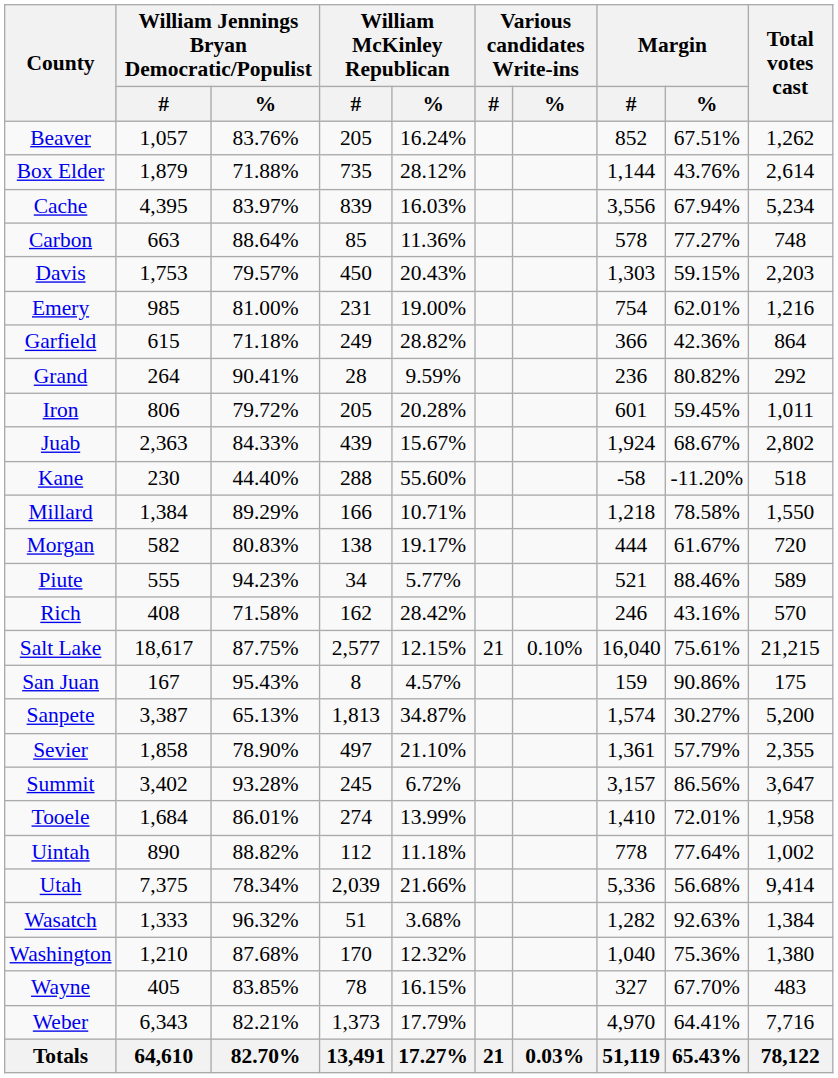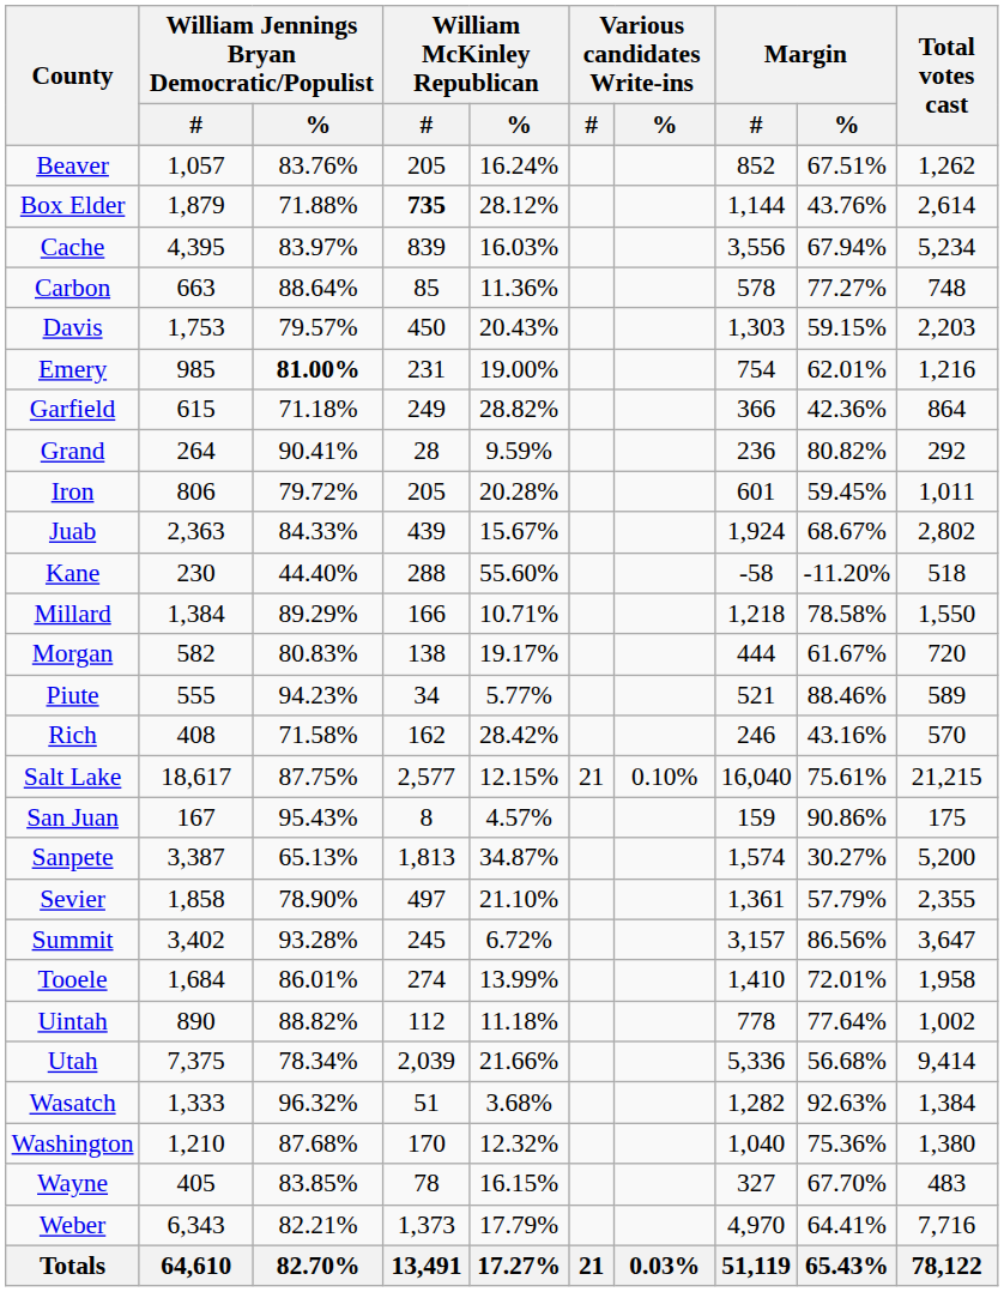 <table width="70%" class="wikitable sortable">
 <tr>
 <th rowspan="2">County</th>
 <th colspan="2">William Jennings Bryan<br>Democratic/Populist</th>
 <th colspan="2">William McKinley<br>Republican</th>
 <th colspan="2">Various candidates<br>Write-ins</th>
 <th colspan="2">Margin</th>
 <th rowspan="2">Total votes cast</th>
 </tr>
 <tr bgcolor="lightgrey">
 <th style="text-align:center;" data-sort-type="number">#</th>
 <th style="text-align:center;" data-sort-type="number">%</th>
 <th style="text-align:center;" data-sort-type="number">#</th>
 <th style="text-align:center;" data-sort-type="number">%</th>
 <th style="text-align:center;" data-sort-type="number">#</th>
 <th style="text-align:center;" data-sort-type="number">%</th>
 <th style="text-align:center;" data-sort-type="number">#</th>
 <th style="text-align:center;" data-sort-type="number">%</th>
 </tr>
 <tr style="text-align:center;">
 <td><a href='#'>Beaver</a></td>
 <td>1,057</td>
 <td>83.76%</td>
 <td>205</td>
 <td>16.24%</td>
 <td></td>
 <td></td>
 <td>852</td>
 <td>67.51%</td>
 <td>1,262</td>
 </tr>
 <tr style="text-align:center;">
 <td><a href='#'>Box Elder</a></td>
 <td>1,879</td>
 <td>71.88%</td>
-<td>735</td>
+<td><strong>735</strong></td>
 <td>28.12%</td>
 <td></td>
 <td></td>
 <td>1,144</td>
 <td>43.76%</td>
 <td>2,614</td>
 </tr>
 <tr style="text-align:center;">
 <td><a href='#'>Cache</a></td>
 <td>4,395</td>
 <td>83.97%</td>
 <td>839</td>
 <td>16.03%</td>
 <td></td>
 <td></td>
 <td>3,556</td>
 <td>67.94%</td>
 <td>5,234</td>
 </tr>
 <tr style="text-align:center;">
 <td><a href='#'>Carbon</a></td>
 <td>663</td>
 <td>88.64%</td>
 <td>85</td>
 <td>11.36%</td>
 <td></td>
 <td></td>
 <td>578</td>
 <td>77.27%</td>
 <td>748</td>
 </tr>
 <tr style="text-align:center;">
 <td><a href='#'>Davis</a></td>
 <td>1,753</td>
 <td>79.57%</td>
 <td>450</td>
 <td>20.43%</td>
 <td></td>
 <td></td>
 <td>1,303</td>
 <td>59.15%</td>
 <td>2,203</td>
 </tr>
 <tr style="text-align:center;">
 <td><a href='#'>Emery</a></td>
 <td>985</td>
-<td>81.00%</td>
+<td><strong>81.00%</strong></td>
 <td>231</td>
 <td>19.00%</td>
 <td></td>
 <td></td>
 <td>754</td>
 <td>62.01%</td>
 <td>1,216</td>
 </tr>
 <tr style="text-align:center;">
 <td><a href='#'>Garfield</a></td>
 <td>615</td>
 <td>71.18%</td>
 <td>249</td>
 <td>28.82%</td>
 <td></td>
 <td></td>
 <td>366</td>
 <td>42.36%</td>
 <td>864</td>
 </tr>
 <tr style="text-align:center;">
 <td><a href='#'>Grand</a></td>
 <td>264</td>
 <td>90.41%</td>
 <td>28</td>
 <td>9.59%</td>
 <td></td>
 <td></td>
 <td>236</td>
 <td>80.82%</td>
 <td>292</td>
 </tr>
 <tr style="text-align:center;">
 <td><a href='#'>Iron</a></td>
 <td>806</td>
 <td>79.72%</td>
 <td>205</td>
 <td>20.28%</td>
 <td></td>
 <td></td>
 <td>601</td>
 <td>59.45%</td>
 <td>1,011</td>
 </tr>
 <tr style="text-align:center;">
 <td><a href='#'>Juab</a></td>
 <td>2,363</td>
 <td>84.33%</td>
 <td>439</td>
 <td>15.67%</td>
 <td></td>
 <td></td>
 <td>1,924</td>
 <td>68.67%</td>
 <td>2,802</td>
 </tr>
 <tr style="text-align:center;">
 <td><a href='#'>Kane</a></td>
 <td>230</td>
 <td>44.40%</td>
 <td>288</td>
 <td>55.60%</td>
 <td></td>
 <td></td>
 <td>-58</td>
 <td>-11.20%</td>
 <td>518</td>
 </tr>
 <tr style="text-align:center;">
 <td><a href='#'>Millard</a></td>
 <td>1,384</td>
 <td>89.29%</td>
 <td>166</td>
 <td>10.71%</td>
 <td></td>
 <td></td>
 <td>1,218</td>
 <td>78.58%</td>
 <td>1,550</td>
 </tr>
 <tr style="text-align:center;">
 <td><a href='#'>Morgan</a></td>
 <td>582</td>
 <td>80.83%</td>
 <td>138</td>
 <td>19.17%</td>
 <td></td>
 <td></td>
 <td>444</td>
 <td>61.67%</td>
 <td>720</td>
 </tr>
 <tr style="text-align:center;">
 <td><a href='#'>Piute</a></td>
 <td>555</td>
 <td>94.23%</td>
 <td>34</td>
 <td>5.77%</td>
 <td></td>
 <td></td>
 <td>521</td>
 <td>88.46%</td>
 <td>589</td>
 </tr>
 <tr style="text-align:center;">
 <td><a href='#'>Rich</a></td>
 <td>408</td>
 <td>71.58%</td>
 <td>162</td>
 <td>28.42%</td>
 <td></td>
 <td></td>
 <td>246</td>
 <td>43.16%</td>
 <td>570</td>
 </tr>
 <tr style="text-align:center;">
 <td><a href='#'>Salt Lake</a></td>
 <td>18,617</td>
 <td>87.75%</td>
 <td>2,577</td>
 <td>12.15%</td>
 <td>21</td>
 <td>0.10%</td>
 <td>16,040</td>
 <td>75.61%</td>
 <td>21,215</td>
 </tr>
 <tr style="text-align:center;">
 <td><a href='#'>San Juan</a></td>
 <td>167</td>
 <td>95.43%</td>
 <td>8</td>
 <td>4.57%</td>
 <td></td>
 <td></td>
 <td>159</td>
 <td>90.86%</td>
 <td>175</td>
 </tr>
 <tr style="text-align:center;">
 <td><a href='#'>Sanpete</a></td>
 <td>3,387</td>
 <td>65.13%</td>
 <td>1,813</td>
 <td>34.87%</td>
 <td></td>
 <td></td>
 <td>1,574</td>
 <td>30.27%</td>
 <td>5,200</td>
 </tr>
 <tr style="text-align:center;">
 <td><a href='#'>Sevier</a></td>
 <td>1,858</td>
 <td>78.90%</td>
 <td>497</td>
 <td>21.10%</td>
 <td></td>
 <td></td>
 <td>1,361</td>
 <td>57.79%</td>
 <td>2,355</td>
 </tr>
 <tr style="text-align:center;">
 <td><a href='#'>Summit</a></td>
 <td>3,402</td>
 <td>93.28%</td>
 <td>245</td>
 <td>6.72%</td>
 <td></td>
 <td></td>
 <td>3,157</td>
 <td>86.56%</td>
 <td>3,647</td>
 </tr>
 <tr style="text-align:center;">
 <td><a href='#'>Tooele</a></td>
 <td>1,684</td>
 <td>86.01%</td>
 <td>274</td>
 <td>13.99%</td>
 <td></td>
 <td></td>
 <td>1,410</td>
 <td>72.01%</td>
 <td>1,958</td>
 </tr>
 <tr style="text-align:center;">
 <td><a href='#'>Uintah</a></td>
 <td>890</td>
 <td>88.82%</td>
 <td>112</td>
 <td>11.18%</td>
 <td></td>
 <td></td>
 <td>778</td>
 <td>77.64%</td>
 <td>1,002</td>
 </tr>
 <tr style="text-align:center;">
 <td><a href='#'>Utah</a></td>
 <td>7,375</td>
 <td>78.34%</td>
 <td>2,039</td>
 <td>21.66%</td>
 <td></td>
 <td></td>
 <td>5,336</td>
 <td>56.68%</td>
 <td>9,414</td>
 </tr>
 <tr style="text-align:center;">
 <td><a href='#'>Wasatch</a></td>
 <td>1,333</td>
 <td>96.32%</td>
 <td>51</td>
 <td>3.68%</td>
 <td></td>
 <td></td>
 <td>1,282</td>
 <td>92.63%</td>
 <td>1,384</td>
 </tr>
 <tr style="text-align:center;">
 <td><a href='#'>Washington</a></td>
 <td>1,210</td>
 <td>87.68%</td>
 <td>170</td>
 <td>12.32%</td>
 <td></td>
 <td></td>
 <td>1,040</td>
 <td>75.36%</td>
 <td>1,380</td>
 </tr>
 <tr style="text-align:center;">
 <td><a href='#'>Wayne</a></td>
 <td>405</td>
 <td>83.85%</td>
 <td>78</td>
 <td>16.15%</td>
 <td></td>
 <td></td>
 <td>327</td>
 <td>67.70%</td>
 <td>483</td>
 </tr>
 <tr style="text-align:center;">
 <td><a href='#'>Weber</a></td>
 <td>6,343</td>
 <td>82.21%</td>
 <td>1,373</td>
 <td>17.79%</td>
 <td></td>
 <td></td>
 <td>4,970</td>
 <td>64.41%</td>
 <td>7,716</td>
 </tr>
 <tr style="text-align:center;">
 <th>Totals</th>
 <th>64,610</th>
 <th>82.70%</th>
 <th>13,491</th>
 <th>17.27%</th>
 <th>21</th>
 <th>0.03%</th>
 <th>51,119</th>
 <th>65.43%</th>
 <th>78,122</th>
 </tr>
 </table>
